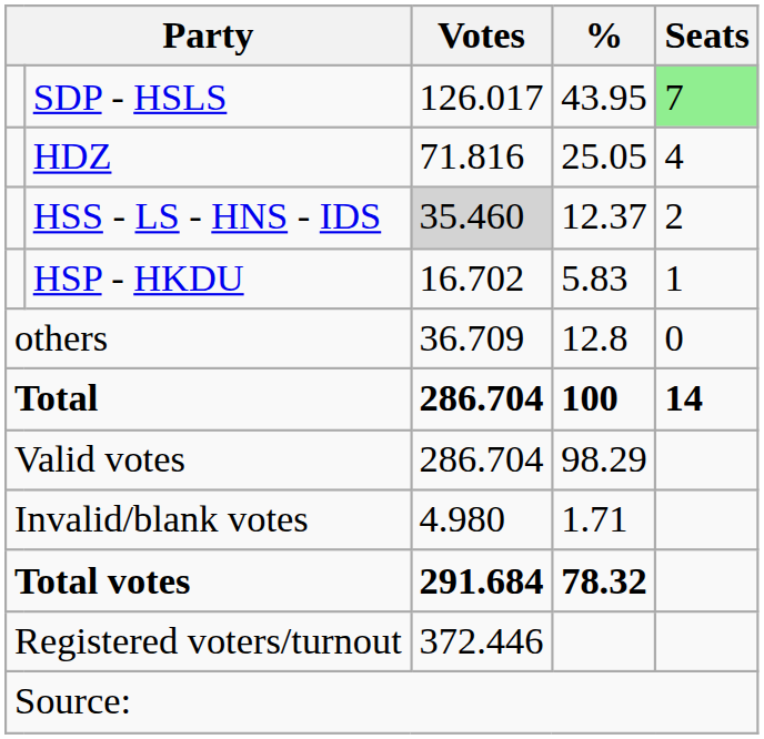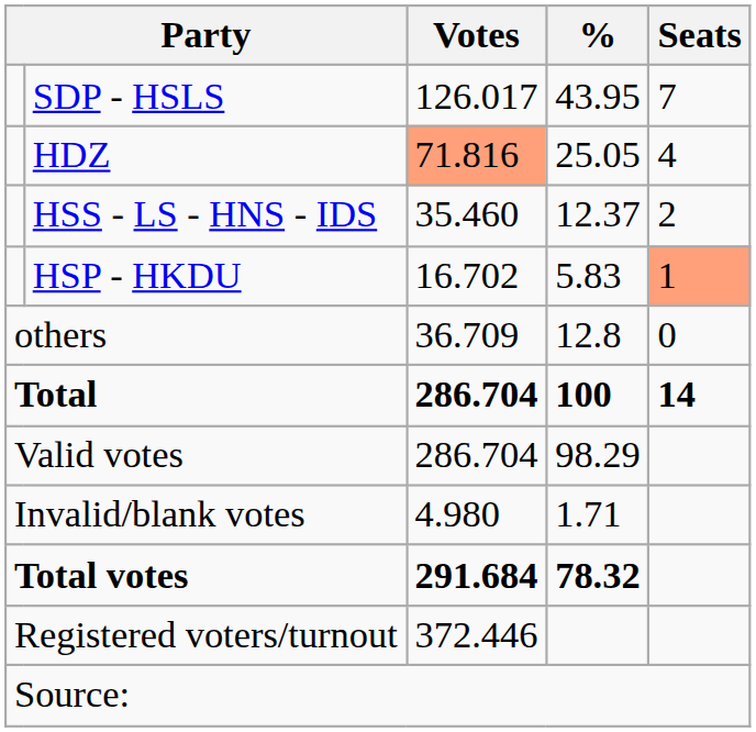 <table class="wikitable" style="text-align: left;">
 <tr>
 <th colspan="2">Party</th>
 <th>Votes</th>
 <th>%</th>
 <th>Seats</th>
 </tr>
 <tr>
 <td style="background-color: "></td>
 <td><a href='#'>SDP</a> - <a href='#'>HSLS</a></td>
 <td>126.017</td>
 <td>43.95</td>
-<td style="background: lightgreen;">7</td>
+<td>7</td>
 </tr>
 <tr>
 <td style="background-color: "></td>
 <td><a href='#'>HDZ</a></td>
-<td>71.816</td>
+<td style="background: lightsalmon;">71.816</td>
 <td>25.05</td>
 <td>4</td>
 </tr>
 <tr>
 <td style="background-color: "></td>
 <td><a href='#'>HSS</a> - <a href='#'>LS</a> - <a href='#'>HNS</a> - <a href='#'>IDS</a></td>
-<td style="background: lightgrey;">35.460</td>
+<td>35.460</td>
 <td>12.37</td>
 <td>2</td>
 </tr>
 <tr>
 <td style="background-color: "></td>
 <td><a href='#'>HSP</a> - <a href='#'>HKDU</a></td>
 <td>16.702</td>
 <td>5.83</td>
-<td>1</td>
+<td style="background: lightsalmon;">1</td>
 </tr>
 <tr>
 <td colspan="2">others</td>
 <td>36.709</td>
 <td>12.8</td>
 <td>0</td>
 </tr>
 <tr>
 <td colspan="2"><strong>Total</strong></td>
 <td><strong>286.704</strong></td>
 <td><strong>100</strong></td>
 <td><strong>14</strong></td>
 </tr>
 <tr>
 <td colspan="2">Valid votes</td>
 <td>286.704</td>
 <td>98.29</td>
 <td></td>
 </tr>
 <tr>
 <td colspan="2">Invalid/blank votes</td>
 <td>4.980</td>
 <td>1.71</td>
 <td></td>
 </tr>
 <tr>
 <td colspan="2"><strong>Total votes</strong></td>
 <td><strong>291.684</strong></td>
 <td><strong>78.32</strong></td>
 <td></td>
 </tr>
 <tr>
 <td colspan="2">Registered voters/turnout</td>
 <td votes14="5343">372.446</td>
 <td></td>
 <td></td>
 </tr>
 <tr>
 <td colspan="5">Source: </td>
 </tr>
 </table>
